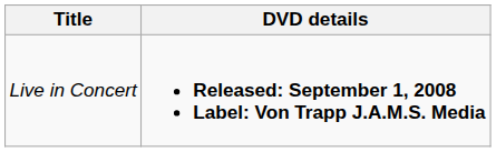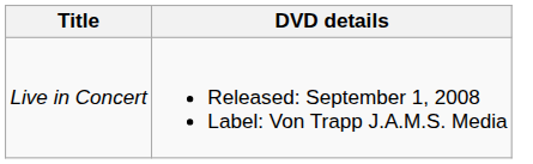 <table class="wikitable">
 <tr>
 <th>Title</th>
 <th>DVD details</th>
 </tr>
 <tr>
 <td><em>Live in Concert</em></td>
-<td><strong><br><ul><li>Released: September 1, 2008</li><li>Label: Von Trapp J.A.M.S. Media</li></ul></strong></td>
+<td><br><ul><li>Released: September 1, 2008</li><li>Label: Von Trapp J.A.M.S. Media</li></ul></td>
 </tr>
 </table>
